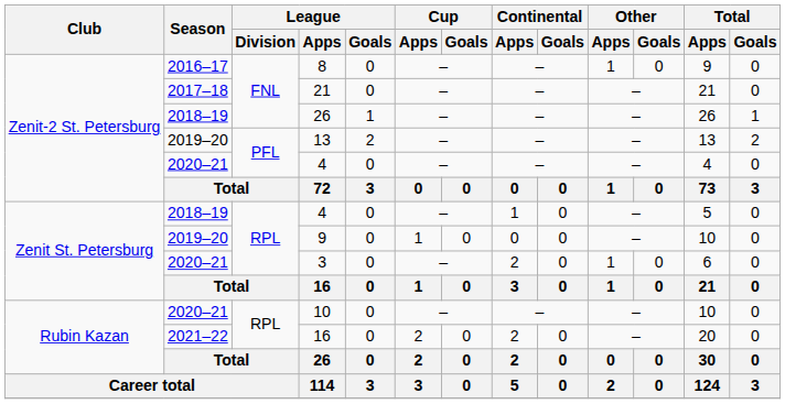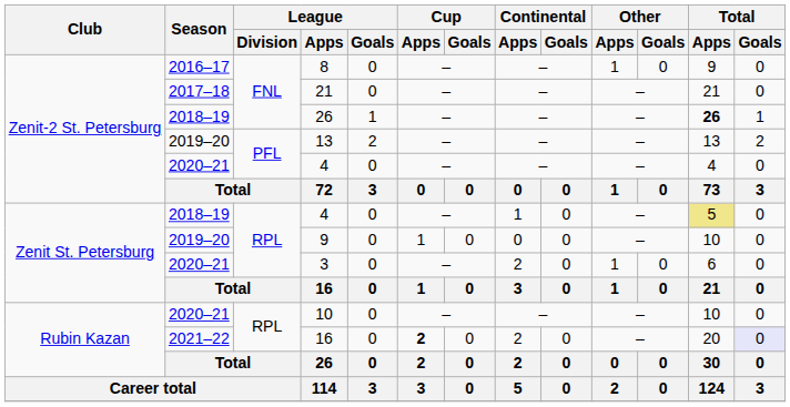 <table class="wikitable" style="text-align: center;">
 <tr>
 <th rowspan=2>Club</th>
 <th rowspan=2>Season</th>
 <th colspan=3>League</th>
 <th colspan=2>Cup</th>
 <th colspan=2>Continental</th>
 <th colspan=2>Other</th>
 <th colspan=2>Total</th>
 </tr>
 <tr>
 <th>Division</th>
 <th>Apps</th>
 <th>Goals</th>
 <th>Apps</th>
 <th>Goals</th>
 <th>Apps</th>
 <th>Goals</th>
 <th>Apps</th>
 <th>Goals</th>
 <th>Apps</th>
 <th>Goals</th>
 </tr>
 <tr>
 <td rowspan=6><a href='#'>Zenit-2 St. Petersburg</a></td>
 <td><a href='#'>2016–17</a></td>
 <td rowspan=3><a href='#'>FNL</a></td>
 <td>8</td>
 <td>0</td>
 <td colspan=2>–</td>
 <td colspan=2>–</td>
 <td>1</td>
 <td>0</td>
 <td>9</td>
 <td>0</td>
 </tr>
 <tr>
 <td><a href='#'>2017–18</a></td>
 <td>21</td>
 <td>0</td>
 <td colspan=2>–</td>
 <td colspan=2>–</td>
 <td colspan=2>–</td>
 <td>21</td>
 <td>0</td>
 </tr>
 <tr>
 <td><a href='#'>2018–19</a></td>
 <td>26</td>
 <td>1</td>
 <td colspan=2>–</td>
 <td colspan=2>–</td>
 <td colspan=2>–</td>
-<td>26</td>
+<td><strong>26</strong></td>
 <td>1</td>
 </tr>
 <tr>
 <td>2019–20</td>
 <td rowspan=2><a href='#'>PFL</a></td>
 <td>13</td>
 <td>2</td>
 <td colspan=2>–</td>
 <td colspan=2>–</td>
 <td colspan=2>–</td>
 <td>13</td>
 <td>2</td>
 </tr>
 <tr>
 <td><a href='#'>2020–21</a></td>
 <td>4</td>
 <td>0</td>
 <td colspan=2>–</td>
 <td colspan=2>–</td>
 <td colspan=2>–</td>
 <td>4</td>
 <td>0</td>
 </tr>
 <tr>
 <th colspan=2>Total</th>
 <th>72</th>
 <th>3</th>
 <th>0</th>
 <th>0</th>
 <th>0</th>
 <th>0</th>
 <th>1</th>
 <th>0</th>
 <th>73</th>
 <th>3</th>
 </tr>
 <tr>
 <td rowspan=4><a href='#'>Zenit St. Petersburg</a></td>
 <td><a href='#'>2018–19</a></td>
 <td rowspan=3><a href='#'>RPL</a></td>
 <td>4</td>
 <td>0</td>
 <td colspan=2>–</td>
 <td>1</td>
 <td>0</td>
 <td colspan=2>–</td>
-<td>5</td>
+<td style="background: khaki;">5</td>
 <td>0</td>
 </tr>
 <tr>
 <td><a href='#'>2019–20</a></td>
 <td>9</td>
 <td>0</td>
 <td>1</td>
 <td>0</td>
 <td>0</td>
 <td>0</td>
 <td colspan=2>–</td>
 <td>10</td>
 <td>0</td>
 </tr>
 <tr>
 <td><a href='#'>2020–21</a></td>
 <td>3</td>
 <td>0</td>
 <td colspan=2>–</td>
 <td>2</td>
 <td>0</td>
 <td>1</td>
 <td>0</td>
 <td>6</td>
 <td>0</td>
 </tr>
 <tr>
 <th colspan=2>Total</th>
 <th>16</th>
 <th>0</th>
 <th>1</th>
 <th>0</th>
 <th>3</th>
 <th>0</th>
 <th>1</th>
 <th>0</th>
 <th>21</th>
 <th>0</th>
 </tr>
 <tr>
 <td rowspan="3"><a href='#'>Rubin Kazan</a></td>
 <td><a href='#'>2020–21</a></td>
 <td rowspan="2">RPL</td>
 <td>10</td>
 <td>0</td>
 <td colspan=2>–</td>
 <td colspan=2>–</td>
 <td colspan=2>–</td>
 <td>10</td>
 <td>0</td>
 </tr>
 <tr>
 <td><a href='#'>2021–22</a></td>
 <td>16</td>
 <td>0</td>
-<td>2</td>
+<td><strong>2</strong></td>
 <td>0</td>
 <td>2</td>
 <td>0</td>
 <td colspan=2>–</td>
 <td>20</td>
-<td>0</td>
+<td style="background: lavender;">0</td>
 </tr>
 <tr>
 <th colspan=2>Total</th>
 <th>26</th>
 <th>0</th>
 <th>2</th>
 <th>0</th>
 <th>2</th>
 <th>0</th>
 <th>0</th>
 <th>0</th>
 <th>30</th>
 <th>0</th>
 </tr>
 <tr>
 <th colspan=3>Career total</th>
 <th>114</th>
 <th>3</th>
 <th>3</th>
 <th>0</th>
 <th>5</th>
 <th>0</th>
 <th>2</th>
 <th>0</th>
 <th>124</th>
 <th>3</th>
 </tr>
 <tr>
 </tr>
 </table>
